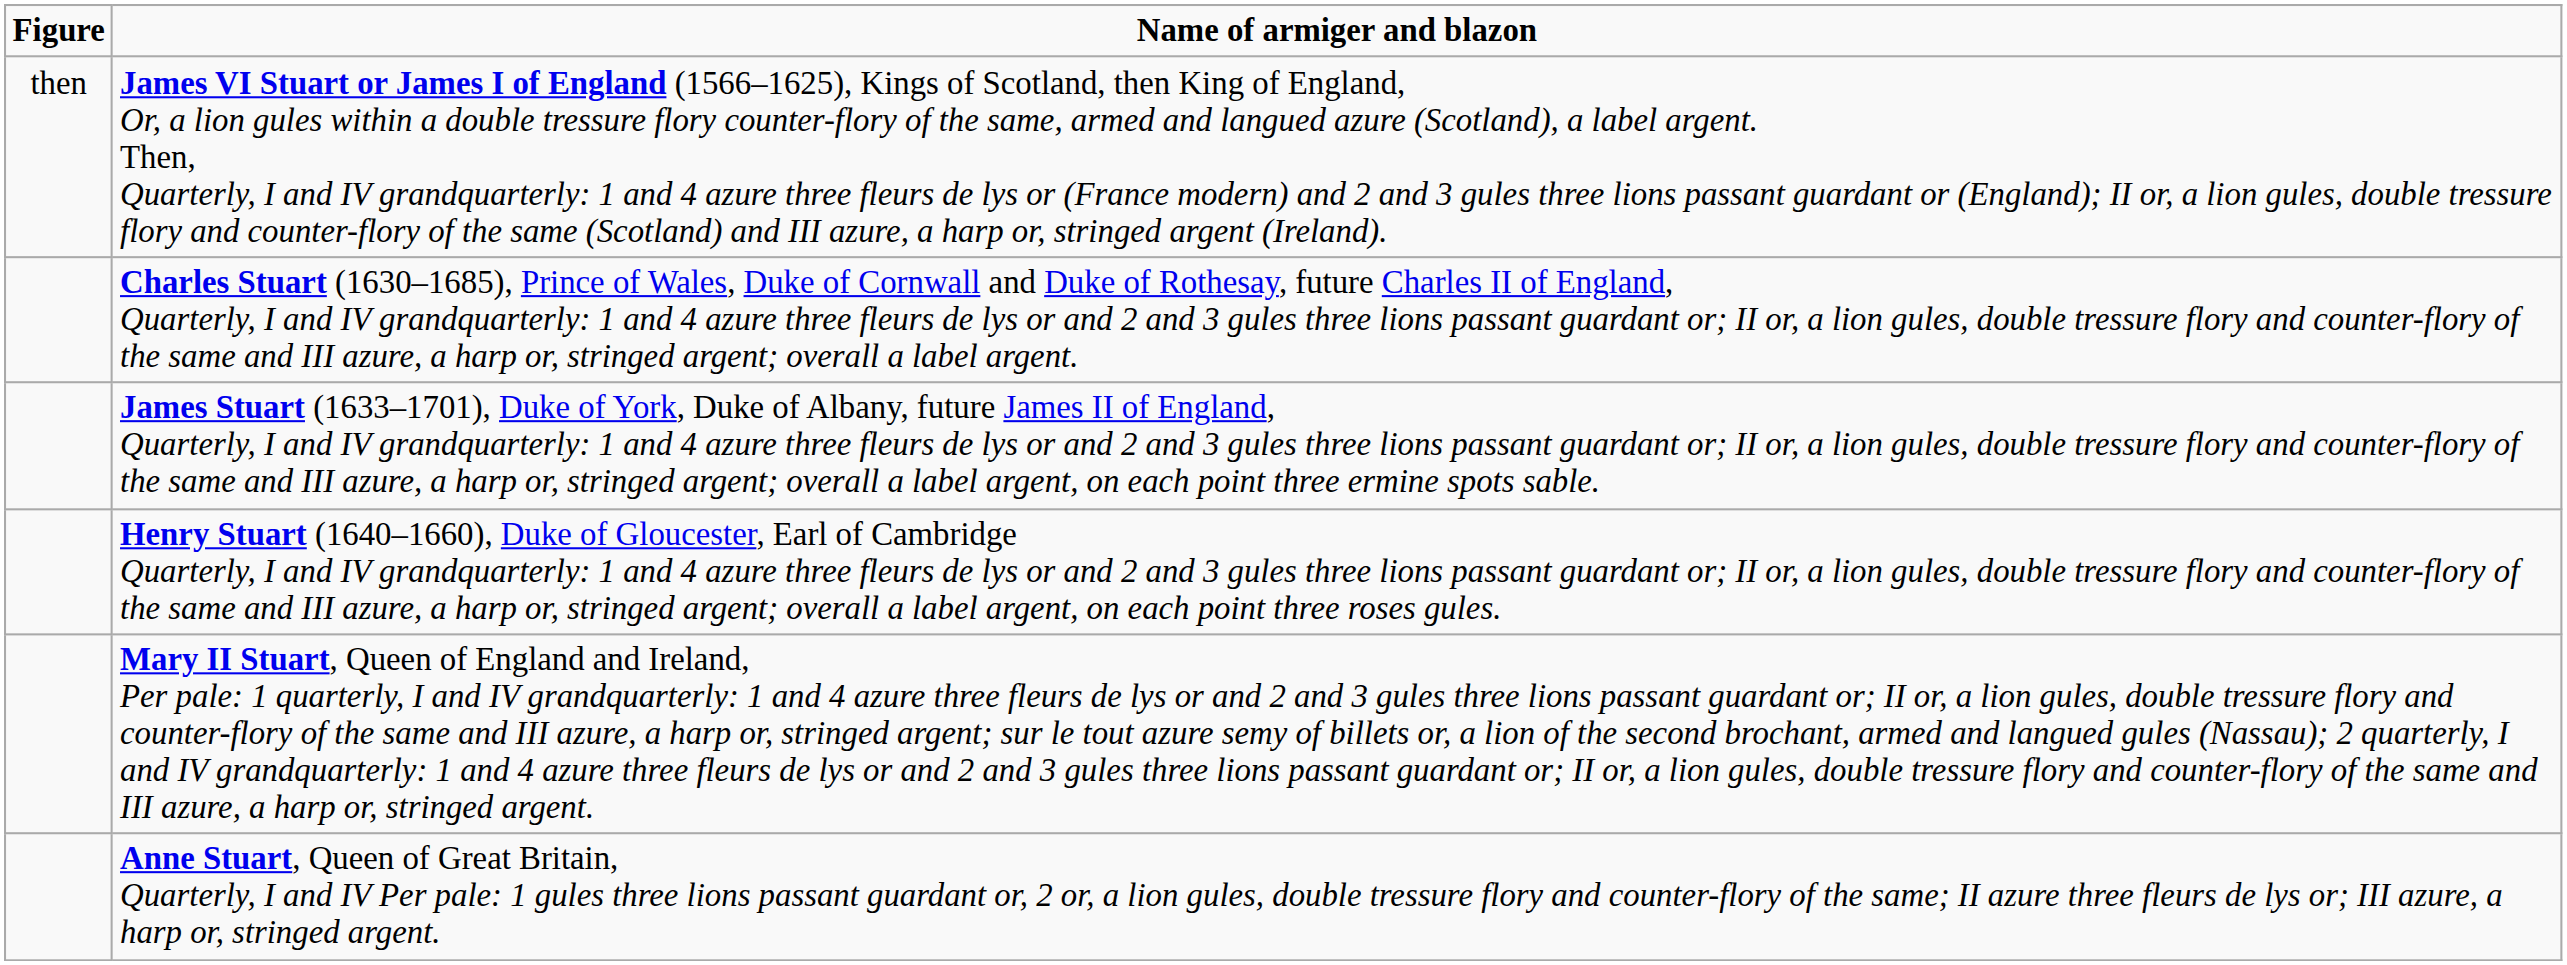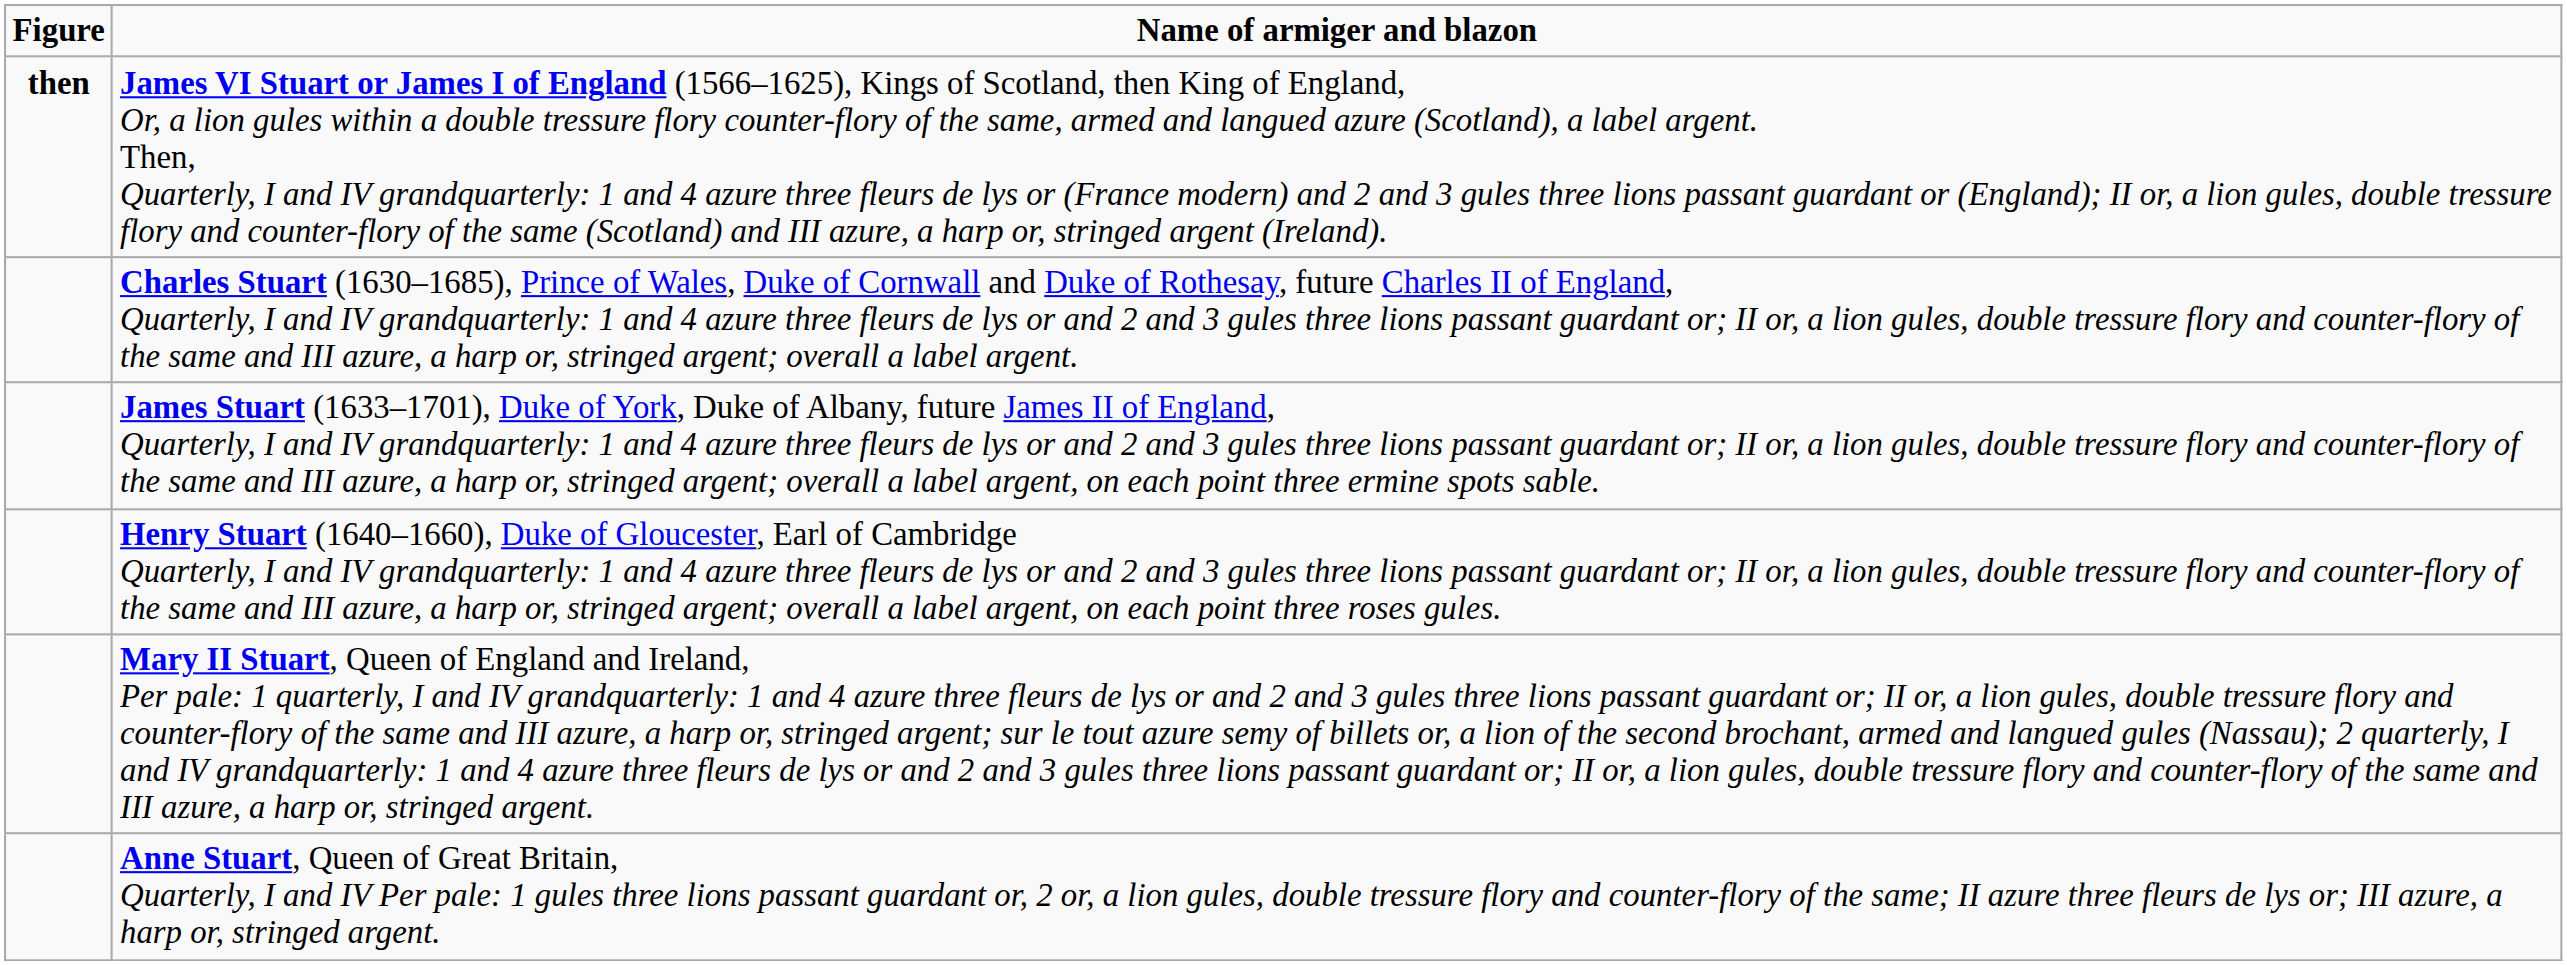 <table class=wikitable>
 <tr valign=top  align=center>
 <td width=»206«><strong>Figure</strong></td>
 <td><strong>Name of armiger and blazon</strong></td>
 </tr>
 <tr valign=top>
-<td align=center> then </td>
+<td align=center><strong> then </strong></td>
 <td><strong><a href='#'>James VI Stuart or James I of England</a></strong> (1566–1625), Kings of Scotland, then King of England,<br><em>Or, a lion gules within a double tressure flory counter-flory of the same, armed and langued azure (Scotland), a label argent.</em><br>Then,<br><em>Quarterly, I and IV grandquarterly: 1 and 4 azure three fleurs de lys or (France modern) and 2 and 3 gules three lions passant guardant or (England); II or, a lion gules, double tressure flory and counter-flory of the same (Scotland) and III azure, a harp or, stringed argent (Ireland).</em></td>
 </tr>
 <tr valign=top>
 <td align=center></td>
 <td><strong><a href='#'>Charles Stuart</a></strong> (1630–1685), <a href='#'>Prince of Wales</a>, <a href='#'>Duke of Cornwall</a> and <a href='#'>Duke of Rothesay</a>, future <a href='#'>Charles II of England</a>,<br><em>Quarterly, I and IV grandquarterly: 1 and 4 azure three fleurs de lys or and 2 and 3 gules three lions passant guardant or; II or, a lion gules, double tressure flory and counter-flory of the same and III azure, a harp or, stringed argent; overall a label argent.</em></td>
 </tr>
 <tr valign=top>
 <td align=center></td>
 <td><strong><a href='#'>James Stuart</a></strong> (1633–1701), <a href='#'>Duke of York</a>, Duke of Albany, future <a href='#'>James II of England</a>,<br><em>Quarterly, I and IV grandquarterly: 1 and 4 azure three fleurs de lys or and 2 and 3 gules three lions passant guardant or; II or, a lion gules, double tressure flory and counter-flory of the same and III azure, a harp or, stringed argent; overall a label argent, on each point three ermine spots sable.</em></td>
 </tr>
 <tr valign=top>
 <td align=center></td>
 <td><strong><a href='#'>Henry Stuart</a></strong> (1640–1660), <a href='#'>Duke of Gloucester</a>, Earl of Cambridge<br><em>Quarterly, I and IV grandquarterly: 1 and 4 azure three fleurs de lys or and 2 and 3 gules three lions passant guardant or; II or, a lion gules, double tressure flory and counter-flory of the same and III azure, a harp or, stringed argent; overall a label argent, on each point three roses gules.</em></td>
 </tr>
 <tr valign=top>
 <td align=center></td>
 <td><strong><a href='#'>Mary II Stuart</a></strong>, Queen of England and Ireland,<br><em>Per pale: 1 quarterly, I and IV grandquarterly: 1 and 4 azure three fleurs de lys or and 2 and 3 gules three lions passant guardant or; II or, a lion gules, double tressure flory and counter-flory of the same and III azure, a harp or, stringed argent; sur le tout azure semy of billets or, a lion of the second brochant, armed and langued gules (Nassau); 2 quarterly, I and IV grandquarterly: 1 and 4 azure three fleurs de lys or and 2 and 3 gules three lions passant guardant or; II or, a lion gules, double tressure flory and counter-flory of the same and III azure, a harp or, stringed argent.</em></td>
 </tr>
 <tr valign=top>
 <td align=center></td>
 <td><strong><a href='#'>Anne Stuart</a></strong>, Queen of Great Britain,<br><em>Quarterly, I and IV Per pale:  1 gules three lions passant guardant or, 2 or, a lion gules, double tressure flory and counter-flory of the same; II azure three fleurs de lys or; III azure, a harp or, stringed argent.</em></td>
 </tr>
 </table>
